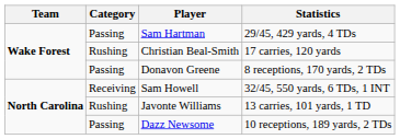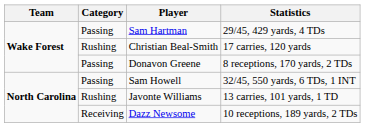 <table class="wikitable" style="float: left;">
 <tr>
 <th>Team</th>
 <th>Category</th>
 <th>Player</th>
 <th>Statistics</th>
 </tr>
 <tr>
 <td rowspan=3><strong>Wake Forest</strong></td>
 <td>Passing</td>
 <td><a href='#'>Sam Hartman</a></td>
 <td>29/45, 429 yards, 4 TDs</td>
 </tr>
 <tr>
 <td>Rushing</td>
 <td>Christian Beal-Smith</td>
 <td>17 carries, 120 yards</td>
 </tr>
 <tr>
 <td>Passing</td>
 <td>Donavon Greene</td>
 <td>8 receptions, 170 yards, 2 TDs</td>
 </tr>
 <tr>
 <td rowspan=3><strong>North Carolina</strong></td>
-<td>Receiving</td>
+<td>Passing</td>
 <td>Sam Howell</td>
 <td>32/45, 550 yards, 6 TDs, 1 INT</td>
 </tr>
 <tr>
 <td>Rushing</td>
 <td>Javonte Williams</td>
 <td>13 carries, 101 yards, 1 TD</td>
 </tr>
 <tr>
-<td>Passing</td>
+<td>Receiving</td>
 <td><a href='#'>Dazz Newsome</a></td>
 <td>10 receptions, 189 yards, 2 TDs</td>
 </tr>
 </table>
